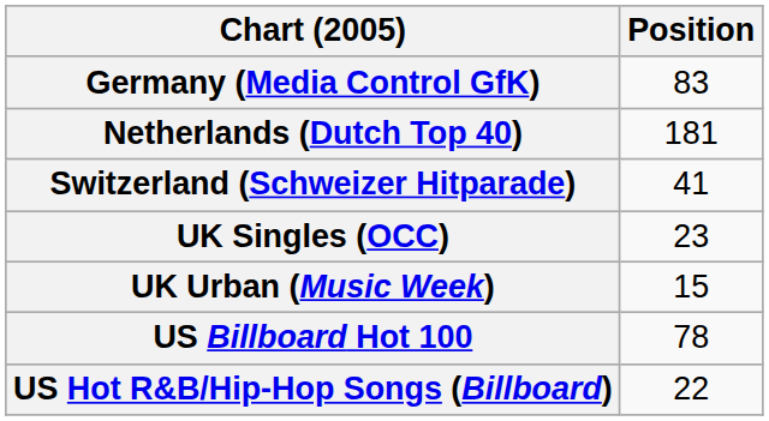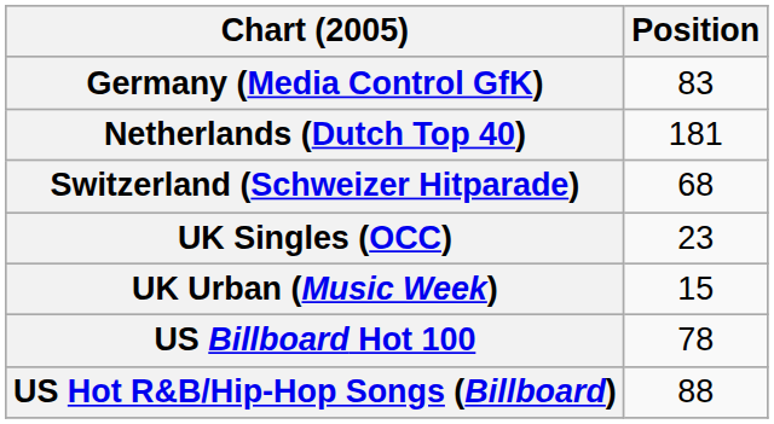 <table class="wikitable sortable plainrowheaders" style="text-align:center;">
 <tr>
 <th scope="col">Chart (2005)</th>
 <th scope="col">Position</th>
 </tr>
 <tr>
 <th scope="row">Germany (<a href='#'>Media Control GfK</a>)</th>
 <td>83</td>
 </tr>
 <tr>
 <th scope="row">Netherlands (<a href='#'>Dutch Top 40</a>)</th>
 <td>181</td>
 </tr>
 <tr>
 <th scope="row">Switzerland (<a href='#'>Schweizer Hitparade</a>)</th>
-<td>41</td>
+<td>68</td>
 </tr>
 <tr>
 <th scope="row">UK Singles (<a href='#'>OCC</a>)</th>
 <td>23</td>
 </tr>
 <tr>
 <th scope="row">UK Urban (<em><a href='#'>Music Week</a></em>)</th>
 <td>15</td>
 </tr>
 <tr>
 <th scope="row">US <a href='#'><em>Billboard</em> Hot 100</a></th>
 <td>78</td>
 </tr>
 <tr>
 <th scope="row">US <a href='#'>Hot R&B/Hip-Hop Songs</a> (<em><a href='#'>Billboard</a></em>)</th>
-<td>22</td>
+<td>88</td>
 </tr>
 </table>
